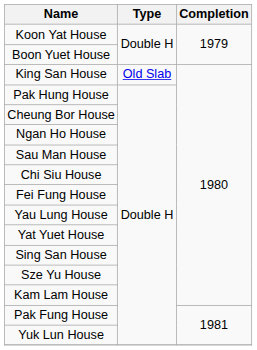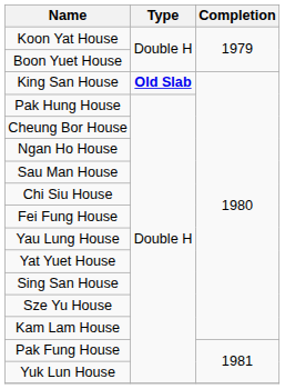 <table class="wikitable" style="text-align: center">
 <tr>
 <th>Name</th>
 <th>Type</th>
 <th>Completion</th>
 </tr>
 <tr>
 <td>Koon Yat House</td>
 <td rowspan="2">Double H</td>
 <td rowspan="2">1979</td>
 </tr>
 <tr>
 <td>Boon Yuet House</td>
 </tr>
 <tr>
 <td>King San House</td>
-<td rowspan="1"><a href='#'>Old Slab</a></td>
+<td rowspan="1"><strong><a href='#'>Old Slab</a></strong></td>
 <td rowspan="12">1980</td>
 </tr>
 <tr>
 <td>Pak Hung House</td>
 <td rowspan="13">Double H</td>
 </tr>
 <tr>
 <td>Cheung Bor House</td>
 </tr>
 <tr>
 <td>Ngan Ho House</td>
 </tr>
 <tr>
 <td>Sau Man House</td>
 </tr>
 <tr>
 <td>Chi Siu House</td>
 </tr>
 <tr>
 <td>Fei Fung House</td>
 </tr>
 <tr>
 <td>Yau Lung House</td>
 </tr>
 <tr>
 <td>Yat Yuet House</td>
 </tr>
 <tr>
 <td>Sing San House</td>
 </tr>
 <tr>
 <td>Sze Yu House</td>
 </tr>
 <tr>
 <td>Kam Lam House</td>
 </tr>
 <tr>
 <td>Pak Fung House</td>
 <td rowspan="2">1981</td>
 </tr>
 <tr>
 <td>Yuk Lun House</td>
 </tr>
 <tr>
 </tr>
 </table>
